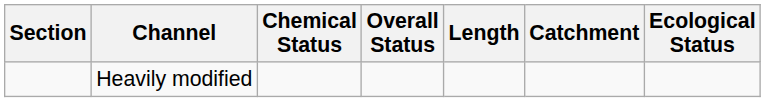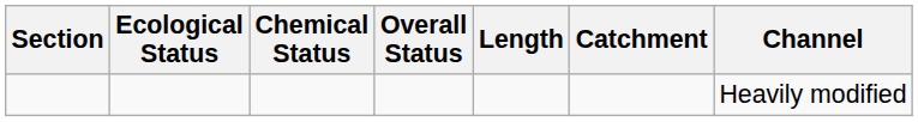 <table class="wikitable">
 <tr>
 <th>Section</th>
-<th>Channel</th>
+<th>Ecological<br>Status</th>
 <th>Chemical<br>Status</th>
 <th>Overall<br>Status</th>
 <th>Length</th>
 <th>Catchment</th>
-<th>Ecological<br>Status</th>
+<th>Channel</th>
 </tr>
 <tr>
-<td></td>
-<td>Heavily modified</td>
 <td></td>
 <td></td>
 <td></td>
 <td></td>
 <td></td>
+<td></td>
+<td>Heavily modified</td>
 </tr>
 </table>
